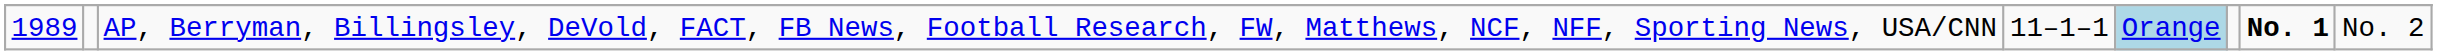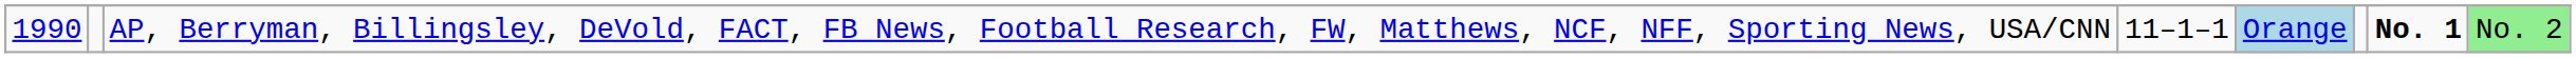 <table class="wikitable">
 <tr>
 </tr>
 <tr>
-<td><a href='#'>1989</a></td>
+<td><a href='#'>1990</a></td>
 <td></td>
 <td><a href='#'>AP</a>, <a href='#'>Berryman</a>, <a href='#'>Billingsley</a>, <a href='#'>DeVold</a>, <a href='#'>FACT</a>, <a href='#'>FB News</a>,   <a href='#'>Football Research</a>, <a href='#'>FW</a>, <a href='#'>Matthews</a>, <a href='#'>NCF</a>, <a href='#'>NFF</a>, <a href='#'>Sporting News</a>, USA/CNN</td>
 <td>11–1–1</td>
 <td style="background: lightblue;"><a href='#'>Orange</a></td>
 <td></td>
 <td><strong>No. 1</strong></td>
-<td>No. 2</td>
+<td style="background: lightgreen;">No. 2</td>
 </tr>
 </table>
